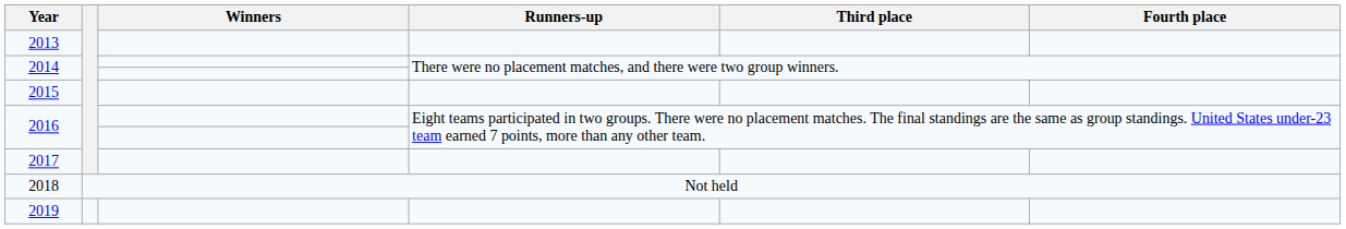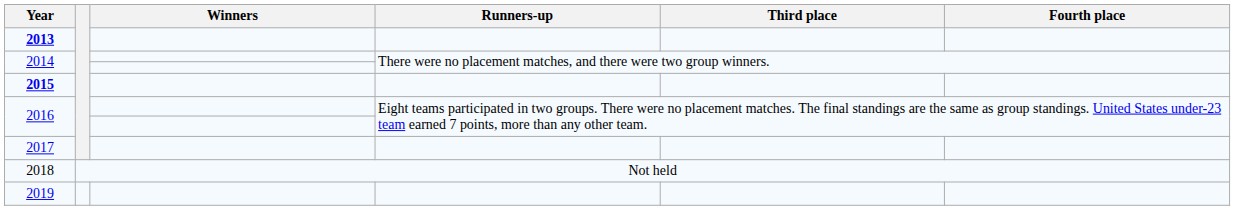 <table class="wikitable" style="font-size: 90%; text-align: center; width: 100%;">
 <tr>
 <th width="5%">Year</th>
 <th width="1%" rowspan=8></th>
 <th width="20%">Winners</th>
 <th width="20%">Runners-up</th>
 <th width="20%">Third place</th>
 <th width="20%">Fourth place</th>
 </tr>
 <tr align=center bgcolor=#F5FAFF>
-<td><a href='#'>2013</a></td>
+<td><strong><a href='#'>2013</a></strong></td>
 <td><strong></strong></td>
 <td></td>
 <td></td>
 <td></td>
 </tr>
 <tr align=center bgcolor=#F5FAFF>
 <td rowspan=2><a href='#'>2014</a></td>
 <td><strong></strong></td>
 <td rowspan=2 colspan=3 align=left>There were no placement matches, and there were two group winners.</td>
 </tr>
 <tr align=center bgcolor=#F5FAFF>
 <td><strong></strong></td>
 </tr>
 <tr align=center bgcolor=#F5FAFF>
-<td><a href='#'>2015</a></td>
+<td><strong><a href='#'>2015</a></strong></td>
 <td><strong></strong></td>
 <td></td>
 <td></td>
 <td></td>
 </tr>
 <tr align=center bgcolor=#F5FAFF>
 <td rowspan=2><a href='#'>2016</a></td>
 <td><strong></strong></td>
 <td rowspan=2 colspan=3 align=left>Eight teams participated in two groups. There were no placement matches. The final standings are the same as group standings. <a href='#'>United States under-23 team</a> earned 7 points, more than any other team.</td>
 </tr>
 <tr align=center bgcolor=#F5FAFF>
 <td><strong></strong></td>
 </tr>
 <tr align=center bgcolor=#F5FAFF>
 <td><a href='#'>2017</a></td>
 <td><strong></strong></td>
 <td></td>
 <td></td>
 <td></td>
 </tr>
 <tr align=center bgcolor=#F5FAFF>
 <td>2018</td>
 <td rowspan=1 colspan=6 align=center>Not held</td>
 </tr>
 <tr align=center bgcolor=#F5FAFF>
 <td><a href='#'>2019</a></td>
 <td></td>
 <td><strong></strong></td>
 <td></td>
 <td></td>
 <td></td>
 </tr>
 </table>
